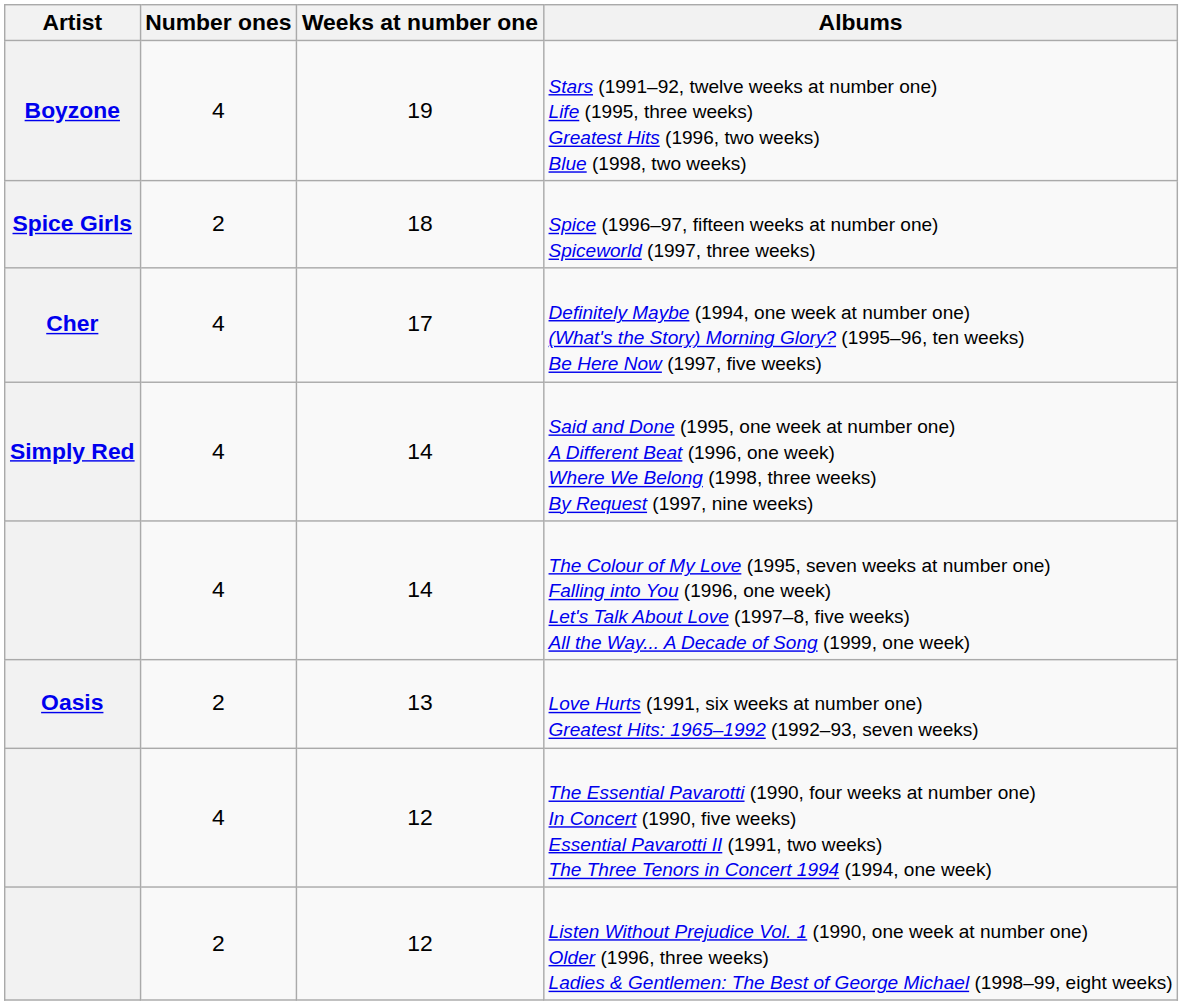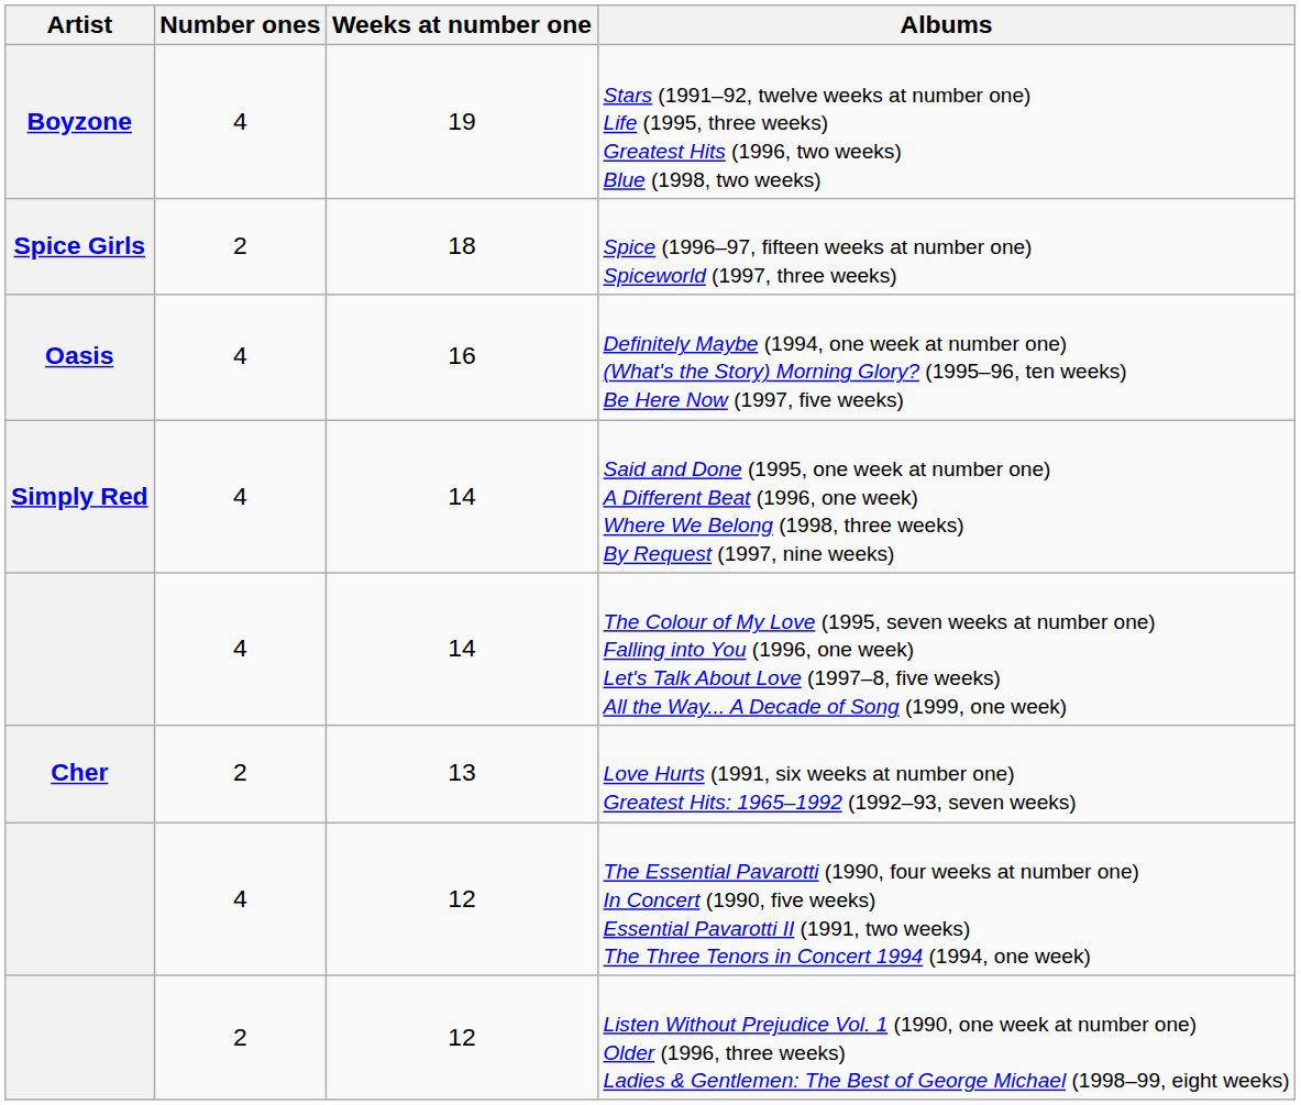 <table class="wikitable plainrowheaders sortable">
 <tr>
 <th scope=col>Artist</th>
 <th scope=col>Number ones</th>
 <th scope=col>Weeks at number one</th>
 <th scope=col class=unsortable>Albums</th>
 </tr>
 <tr>
 <th scope=row><a href='#'>Boyzone</a></th>
 <td align=center>4</td>
 <td align=center>19</td>
 <td><br><small><em><a href='#'>Stars</a></em> (1991–92, twelve weeks at number one)</small><br> <small><em><a href='#'>Life</a></em> (1995, three weeks)</small><br> <small><em><a href='#'>Greatest Hits</a></em> (1996, two weeks)</small><br> <small><em><a href='#'>Blue</a></em> (1998, two weeks)</small><br></td>
 </tr>
 <tr>
 <th scope=row><a href='#'>Spice Girls</a></th>
 <td align=center>2</td>
 <td align=center>18</td>
 <td><br><small><em><a href='#'>Spice</a></em> (1996–97, fifteen weeks at number one)</small><br> <small><em><a href='#'>Spiceworld</a></em> (1997, three weeks)</small><br></td>
 </tr>
 <tr>
-<th scope=row><a href='#'>Cher</a></th>
+<th scope=row><a href='#'>Oasis</a></th>
 <td align=center>4</td>
-<td align=center>17</td>
+<td align=center>16</td>
 <td><br><small><em><a href='#'>Definitely Maybe</a></em> (1994, one week at number one)</small><br> <small><em><a href='#'>(What's the Story) Morning Glory?</a></em> (1995–96, ten weeks)</small><br> <small><em><a href='#'>Be Here Now</a></em> (1997, five weeks)</small><br></td>
 </tr>
 <tr>
 <th scope=row><a href='#'>Simply Red</a></th>
 <td align=center>4</td>
 <td align=center>14</td>
 <td><br><small><em><a href='#'>Said and Done</a></em> (1995, one week at number one)</small><br> <small><em><a href='#'>A Different Beat</a></em> (1996, one week)</small><br> <small><em><a href='#'>Where We Belong</a></em> (1998, three weeks)</small><br> <small><em><a href='#'>By Request</a></em> (1997, nine weeks)</small><br></td>
 </tr>
 <tr>
 <th scope=row></th>
 <td align=center>4</td>
 <td align=center>14</td>
 <td><br><small><em><a href='#'>The Colour of My Love</a></em> (1995, seven weeks at number one)</small><br> <small><em><a href='#'>Falling into You</a></em> (1996, one week)</small><br> <small><em><a href='#'>Let's Talk About Love</a></em> (1997–8, five weeks)</small><br> <small><em><a href='#'>All the Way... A Decade of Song</a></em> (1999, one week)</small><br></td>
 </tr>
 <tr>
-<th scope=row><a href='#'>Oasis</a></th>
+<th scope=row><a href='#'>Cher</a></th>
 <td align=center>2</td>
 <td align=center>13</td>
 <td><br><small><em><a href='#'>Love Hurts</a></em> (1991, six weeks at number one)</small><br> <small><em><a href='#'>Greatest Hits: 1965–1992</a></em> (1992–93, seven weeks)</small><br></td>
 </tr>
 <tr>
 <th scope=row></th>
 <td align=center>4</td>
 <td align=center>12</td>
 <td><br><small><em><a href='#'>The Essential Pavarotti</a></em> (1990, four weeks at number one)</small><br> <small><em><a href='#'>In Concert</a></em> (1990, five weeks)</small><br> <small><em><a href='#'>Essential Pavarotti II</a></em> (1991, two weeks)</small><br> <small><em><a href='#'>The Three Tenors in Concert 1994</a></em> (1994, one week)</small><br></td>
 </tr>
 <tr>
 <th scope=row></th>
 <td align=center>2</td>
 <td align=center>12</td>
 <td><br><small><em><a href='#'>Listen Without Prejudice Vol. 1</a></em> (1990, one week at number one)</small><br> <small><em><a href='#'>Older</a></em> (1996, three weeks)</small><br> <small><em><a href='#'>Ladies & Gentlemen: The Best of George Michael</a></em> (1998–99, eight weeks)</small><br></td>
 </tr>
 </table>
